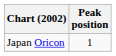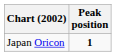 <table class="wikitable">
 <tr>
 <th>Chart (2002)</th>
 <th>Peak<br>position</th>
 </tr>
 <tr>
 <td>Japan <a href='#'>Oricon</a></td>
-<td align="center">1</td>
+<td align="center"><strong>1</strong></td>
 </tr>
 </table>
